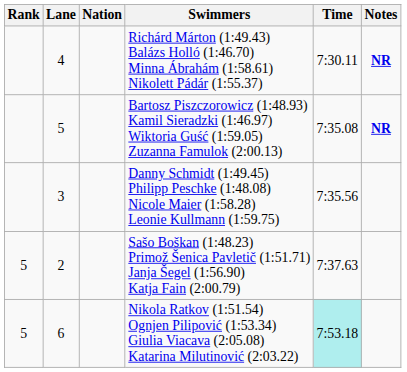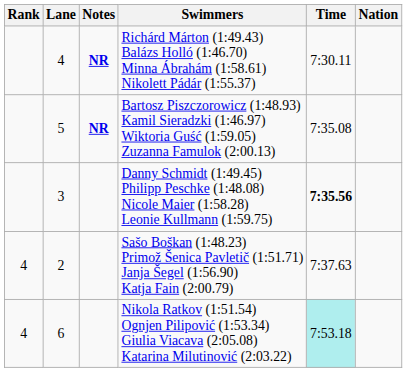 <table class="wikitable sortable" style="text-align:center">
 <tr>
 <th>Rank</th>
 <th>Lane</th>
-<th>Nation</th>
+<th>Notes</th>
 <th>Swimmers</th>
 <th>Time</th>
-<th>Notes</th>
+<th>Nation</th>
 </tr>
 <tr>
 <td></td>
 <td>4</td>
-<td align=left></td>
+<td><strong><a href='#'>NR</a></strong></td>
 <td align=left><a href='#'>Richárd Márton</a> (1:49.43)<br><a href='#'>Balázs Holló</a> (1:46.70)<br><a href='#'>Minna Ábrahám</a> (1:58.61)<br><a href='#'>Nikolett Pádár</a> (1:55.37)</td>
 <td>7:30.11</td>
-<td><strong><a href='#'>NR</a></strong></td>
+<td align=left></td>
 </tr>
 <tr>
 <td></td>
 <td>5</td>
-<td align=left></td>
+<td><strong><a href='#'>NR</a></strong></td>
 <td align=left><a href='#'>Bartosz Piszczorowicz</a> (1:48.93)<br><a href='#'>Kamil Sieradzki</a> (1:46.97)<br><a href='#'>Wiktoria Guść</a> (1:59.05)<br><a href='#'>Zuzanna Famulok</a> (2:00.13)</td>
 <td>7:35.08</td>
-<td><strong><a href='#'>NR</a></strong></td>
+<td align=left></td>
 </tr>
 <tr>
 <td></td>
 <td>3</td>
+<td></td>
+<td align=left><a href='#'>Danny Schmidt</a> (1:49.45)<br><a href='#'>Philipp Peschke</a> (1:48.08)<br><a href='#'>Nicole Maier</a> (1:58.28)<br><a href='#'>Leonie Kullmann</a> (1:59.75)</td>
+<td><strong>7:35.56</strong></td>
 <td align=left></td>
-<td align=left><a href='#'>Danny Schmidt</a> (1:49.45)<br><a href='#'>Philipp Peschke</a> (1:48.08)<br><a href='#'>Nicole Maier</a> (1:58.28)<br><a href='#'>Leonie Kullmann</a> (1:59.75)</td>
-<td>7:35.56</td>
-<td></td>
 </tr>
 <tr>
-<td>5</td>
+<td>4</td>
 <td>2</td>
-<td align=left></td>
+<td></td>
 <td align=left><a href='#'>Sašo Boškan</a> (1:48.23)<br><a href='#'>Primož Šenica Pavletič</a> (1:51.71)<br><a href='#'>Janja Šegel</a> (1:56.90)<br><a href='#'>Katja Fain</a> (2:00.79)</td>
 <td>7:37.63</td>
-<td></td>
+<td align=left></td>
 </tr>
 <tr>
-<td>5</td>
+<td>4</td>
 <td>6</td>
-<td align=left></td>
+<td></td>
 <td align=left><a href='#'>Nikola Ratkov</a> (1:51.54)<br><a href='#'>Ognjen Pilipović</a> (1:53.34)<br><a href='#'>Giulia Viacava</a> (2:05.08)<br><a href='#'>Katarina Milutinović</a> (2:03.22)</td>
 <td style="background: paleturquoise;">7:53.18</td>
-<td></td>
+<td align=left></td>
 </tr>
 </table>
